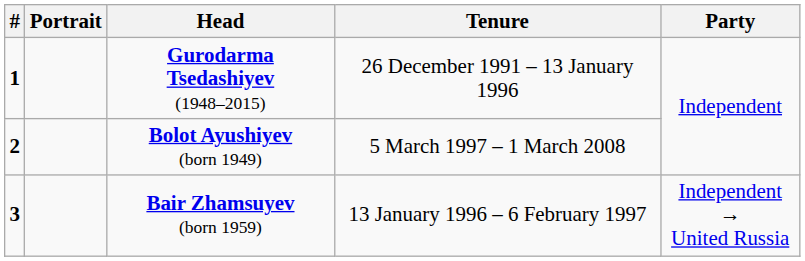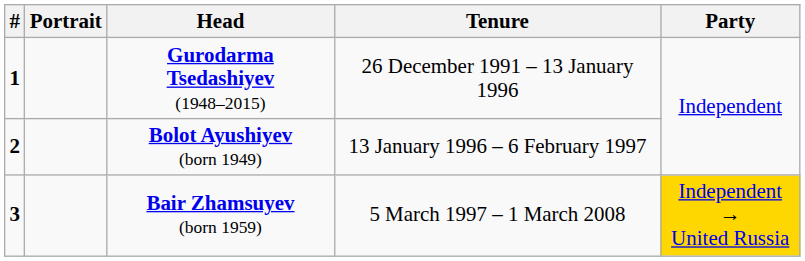 <table class="wikitable" style="text-align: center;">
 <tr>
 <th>#</th>
 <th>Portrait</th>
 <th>Head</th>
 <th>Tenure</th>
 <th>Party</th>
 </tr>
 <tr>
 <td style="background: "><strong>1</strong></td>
 <td></td>
 <td><strong><a href='#'>Gurodarma Tsedashiyev</a></strong><br><small>(1948–2015)</small></td>
 <td>26 December 1991 – 13 January 1996</td>
 <td rowspan="2"><a href='#'>Independent</a></td>
 </tr>
 <tr>
 <td style="background: "><strong>2</strong></td>
 <td></td>
 <td><strong><a href='#'>Bolot Ayushiyev</a></strong><br><small>(born 1949)</small></td>
-<td>5 March 1997 – 1 March 2008</td>
+<td>13 January 1996 – 6 February 1997</td>
 </tr>
 <tr>
 <td style="background: "><strong>3</strong></td>
 <td></td>
 <td><strong><a href='#'>Bair Zhamsuyev</a></strong><br><small>(born 1959)</small></td>
-<td>13 January 1996 – 6 February 1997</td>
-<td><a href='#'>Independent</a> →<br><a href='#'>United Russia</a></td>
+<td>5 March 1997 – 1 March 2008</td>
+<td style="background: gold;"><a href='#'>Independent</a> →<br><a href='#'>United Russia</a></td>
 </tr>
 </table>
